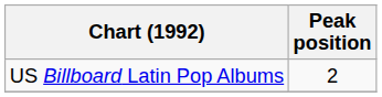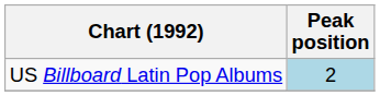 <table class="wikitable">
 <tr>
 <th align="left">Chart (1992)</th>
 <th align="left">Peak<br>position</th>
 </tr>
 <tr>
 <td align="left">US <a href='#'><em>Billboard</em> Latin Pop Albums</a></td>
-<td align="center">2</td>
+<td align="center" style="background: lightblue;">2</td>
 </tr>
 <tr>
 </tr>
 </table>
